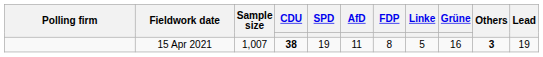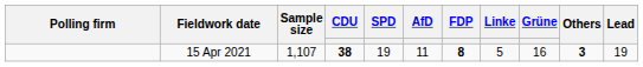 <table class="wikitable sortable mw-datatable mw-collapsible mw-datatable" style="text-align:center;font-size:90%;line-height:14px;">
 <tr style="height:40px;">
 <th style="width:180px;" rowspan="2">Polling firm</th>
 <th style="width:135px;" rowspan="2">Fieldwork date</th>
 <th style="width:35px;" rowspan="2">Sample<br>size</th>
 <th class="unsortable" style="width:40px;"><a href='#'>CDU</a></th>
 <th class="unsortable" style="width:40px;"><a href='#'>SPD</a></th>
 <th class="unsortable" style="width:40px;"><a href='#'>AfD</a></th>
 <th class="unsortable" style="width:40px;"><a href='#'>FDP</a></th>
 <th class="unsortable" style="width:40px;"><a href='#'>Linke</a></th>
 <th class="unsortable" style="width:40px;"><a href='#'>Grüne</a></th>
 <th class="unsortable" style="width:30px;" rowspan="2">Others</th>
 <th style="width:30px;" rowspan="2">Lead</th>
 </tr>
 <tr>
 <th style="background:"></th>
 <th style="background:"></th>
 <th style="background:"></th>
 <th style="background:"></th>
 <th style="background:"></th>
 <th style="background:"></th>
 </tr>
 <tr>
 <td></td>
 <td data-sort-value="2021-04-15">15 Apr 2021</td>
-<td>1,007</td>
+<td>1,107</td>
 <td><strong>38</strong></td>
 <td>19</td>
 <td>11</td>
-<td>8</td>
+<td><strong>8</strong></td>
 <td>5</td>
 <td>16</td>
 <td><strong>3</strong></td>
 <td style="background:">19</td>
 </tr>
 </table>
